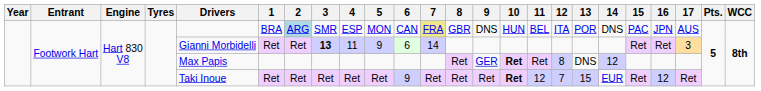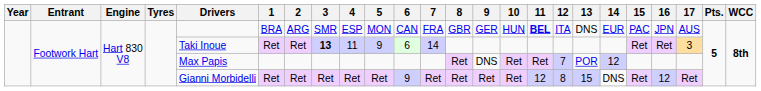 <table class="wikitable" style="text-align:center; font-size:95%">
 <tr>
 <th>Year</th>
 <th>Entrant</th>
 <th>Engine</th>
 <th>Tyres</th>
 <th>Drivers</th>
 <th>1</th>
 <th>2</th>
 <th>3</th>
 <th>4</th>
 <th>5</th>
 <th>6</th>
 <th>7</th>
 <th>8</th>
 <th>9</th>
 <th>10</th>
 <th>11</th>
 <th>12</th>
 <th>13</th>
 <th>14</th>
 <th>15</th>
 <th>16</th>
 <th>17</th>
 <th>Pts.</th>
 <th>WCC</th>
 </tr>
 <tr>
 <td rowspan="4"></td>
 <td rowspan="4"><a href='#'>Footwork Hart</a></td>
 <td rowspan="4"><a href='#'>Hart</a> 830<br><a href='#'>V8</a></td>
 <td rowspan="4"></td>
 <td></td>
 <td><a href='#'>BRA</a></td>
-<td style="background: lightblue;"><a href='#'>ARG</a></td>
+<td><a href='#'>ARG</a></td>
 <td><a href='#'>SMR</a></td>
 <td><a href='#'>ESP</a></td>
 <td><a href='#'>MON</a></td>
 <td><a href='#'>CAN</a></td>
-<td style="background: khaki;"><a href='#'>FRA</a></td>
+<td><a href='#'>FRA</a></td>
 <td><a href='#'>GBR</a></td>
+<td><a href='#'>GER</a></td>
+<td><a href='#'>HUN</a></td>
+<td><strong><a href='#'>BEL</a></strong></td>
+<td><a href='#'>ITA</a></td>
 <td>DNS</td>
-<td><a href='#'>HUN</a></td>
-<td><a href='#'>BEL</a></td>
-<td><a href='#'>ITA</a></td>
-<td><a href='#'>POR</a></td>
-<td>DNS</td>
+<td><a href='#'>EUR</a></td>
 <td><a href='#'>PAC</a></td>
 <td><a href='#'>JPN</a></td>
 <td><a href='#'>AUS</a></td>
 <td rowspan="4"><strong>5</strong></td>
 <td rowspan="4"><strong>8th</strong></td>
 </tr>
 <tr>
-<td align="left"><a href='#'>Gianni Morbidelli</a></td>
+<td align="left"><a href='#'>Taki Inoue</a></td>
 <td style="background:#EFCFFF;">Ret</td>
 <td style="background:#EFCFFF;">Ret</td>
 <td style="background:#CFCFFF;"><strong>13</strong></td>
 <td style="background:#CFCFFF;">11</td>
 <td style="background:#CFCFFF;">9</td>
 <td style="background:#DFFFDF;">6</td>
 <td style="background:#CFCFFF;">14</td>
 <td></td>
 <td></td>
 <td></td>
 <td></td>
 <td></td>
 <td></td>
 <td></td>
 <td style="background:#EFCFFF;">Ret</td>
 <td style="background:#EFCFFF;">Ret</td>
 <td style="background:#FFDF9F;">3</td>
 </tr>
 <tr>
 <td align="left"><a href='#'>Max Papis</a></td>
 <td></td>
 <td></td>
 <td></td>
 <td></td>
 <td></td>
 <td></td>
 <td></td>
 <td style="background:#EFCFFF;">Ret</td>
-<td><a href='#'>GER</a></td>
-<td style="background:#EFCFFF;"><strong>Ret</strong></td>
+<td>DNS</td>
 <td style="background:#EFCFFF;">Ret</td>
-<td style="background:#CFCFFF;">8</td>
-<td>DNS</td>
+<td style="background:#EFCFFF;">Ret</td>
+<td style="background:#CFCFFF;">7</td>
+<td><a href='#'>POR</a></td>
 <td style="background:#CFCFFF;">12</td>
 <td></td>
 <td></td>
 <td></td>
 </tr>
 <tr>
-<td align="left"><a href='#'>Taki Inoue</a></td>
+<td align="left"><a href='#'>Gianni Morbidelli</a></td>
 <td style="background:#EFCFFF;">Ret</td>
 <td style="background:#EFCFFF;">Ret</td>
 <td style="background:#EFCFFF;">Ret</td>
 <td style="background:#EFCFFF;">Ret</td>
 <td style="background:#EFCFFF;">Ret</td>
 <td style="background:#CFCFFF;">9</td>
 <td style="background:#EFCFFF;">Ret</td>
 <td style="background:#EFCFFF;">Ret</td>
 <td style="background:#EFCFFF;">Ret</td>
-<td style="background:#EFCFFF;"><strong>Ret</strong></td>
+<td style="background:#EFCFFF;">Ret</td>
 <td style="background:#CFCFFF;">12</td>
-<td style="background:#CFCFFF;">7</td>
+<td style="background:#CFCFFF;">8</td>
 <td style="background:#CFCFFF;">15</td>
-<td><a href='#'>EUR</a></td>
+<td>DNS</td>
 <td style="background:#EFCFFF;">Ret</td>
 <td style="background:#CFCFFF;">12</td>
 <td style="background:#EFCFFF;">Ret</td>
 </tr>
 </table>
